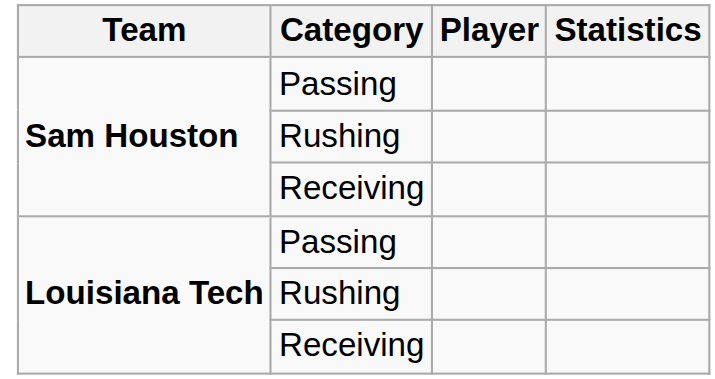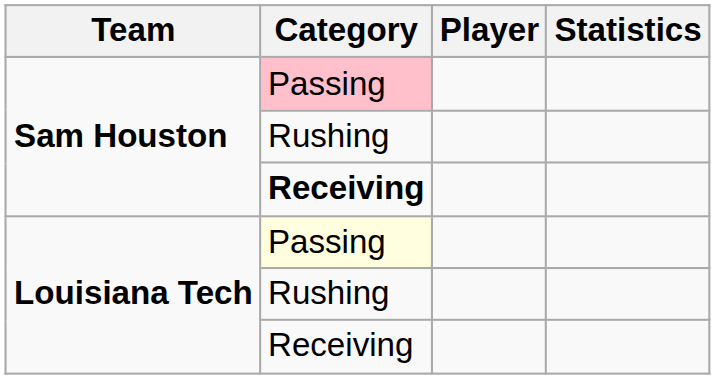 <table class="wikitable" style="float: right;">
 <tr>
 <th>Team</th>
 <th>Category</th>
 <th>Player</th>
 <th>Statistics</th>
 </tr>
 <tr>
 <td rowspan=3><strong>Sam Houston</strong></td>
-<td>Passing</td>
+<td style="background: pink;">Passing</td>
 <td></td>
 <td></td>
 </tr>
 <tr>
 <td>Rushing</td>
 <td></td>
 <td></td>
 </tr>
 <tr>
-<td>Receiving</td>
+<td><strong>Receiving</strong></td>
 <td></td>
 <td></td>
 </tr>
 <tr>
 <td rowspan=3><strong>Louisiana Tech</strong></td>
-<td>Passing</td>
+<td style="background: lightyellow;">Passing</td>
 <td></td>
 <td></td>
 </tr>
 <tr>
 <td>Rushing</td>
 <td></td>
 <td></td>
 </tr>
 <tr>
 <td>Receiving</td>
 <td></td>
 <td></td>
 </tr>
 </table>
